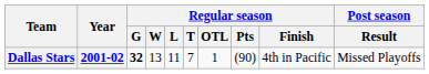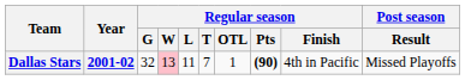 <table class="wikitable" style="font-size: 95%; text-align:center;">
 <tr>
 <th rowspan="2">Team</th>
 <th rowspan="2">Year</th>
 <th colspan="7"><a href='#'>Regular season</a></th>
 <th colspan="1"><a href='#'>Post season</a></th>
 </tr>
 <tr>
 <th>G</th>
 <th>W</th>
 <th>L</th>
 <th>T</th>
 <th>OTL</th>
 <th>Pts</th>
 <th>Finish</th>
 <th>Result</th>
 </tr>
 <tr>
 <th><a href='#'>Dallas Stars</a></th>
 <th><a href='#'>2001-02</a></th>
-<td><strong>32</strong></td>
-<td>13</td>
+<td>32</td>
+<td style="background: pink;">13</td>
 <td>11</td>
 <td>7</td>
 <td>1</td>
-<td>(90)</td>
+<td><strong>(90)</strong></td>
 <td>4th in Pacific</td>
 <td>Missed Playoffs</td>
 </tr>
 </table>
